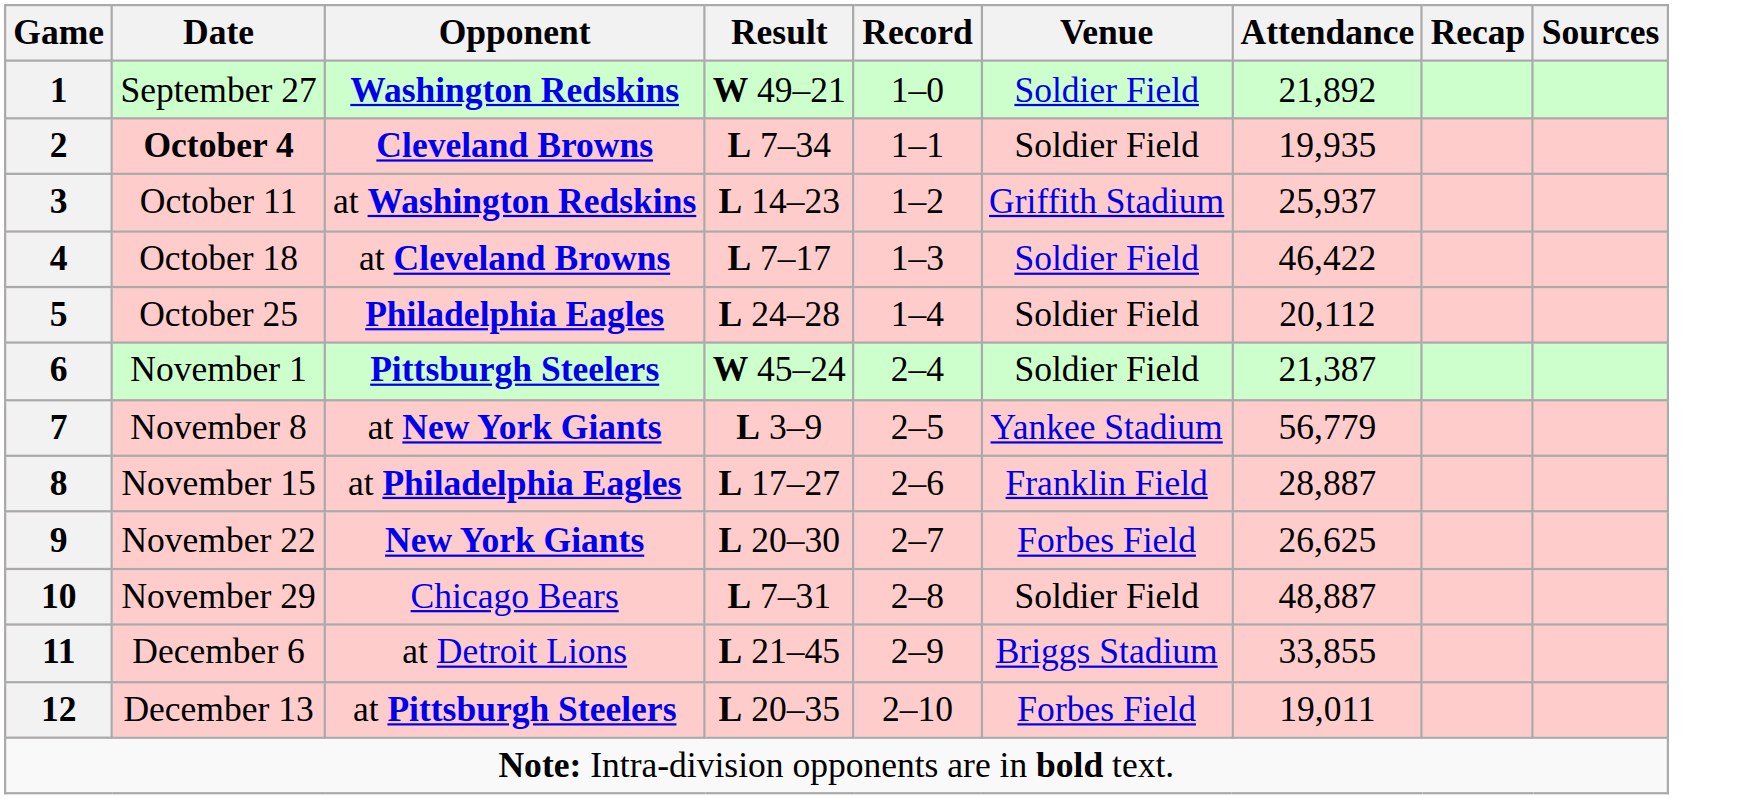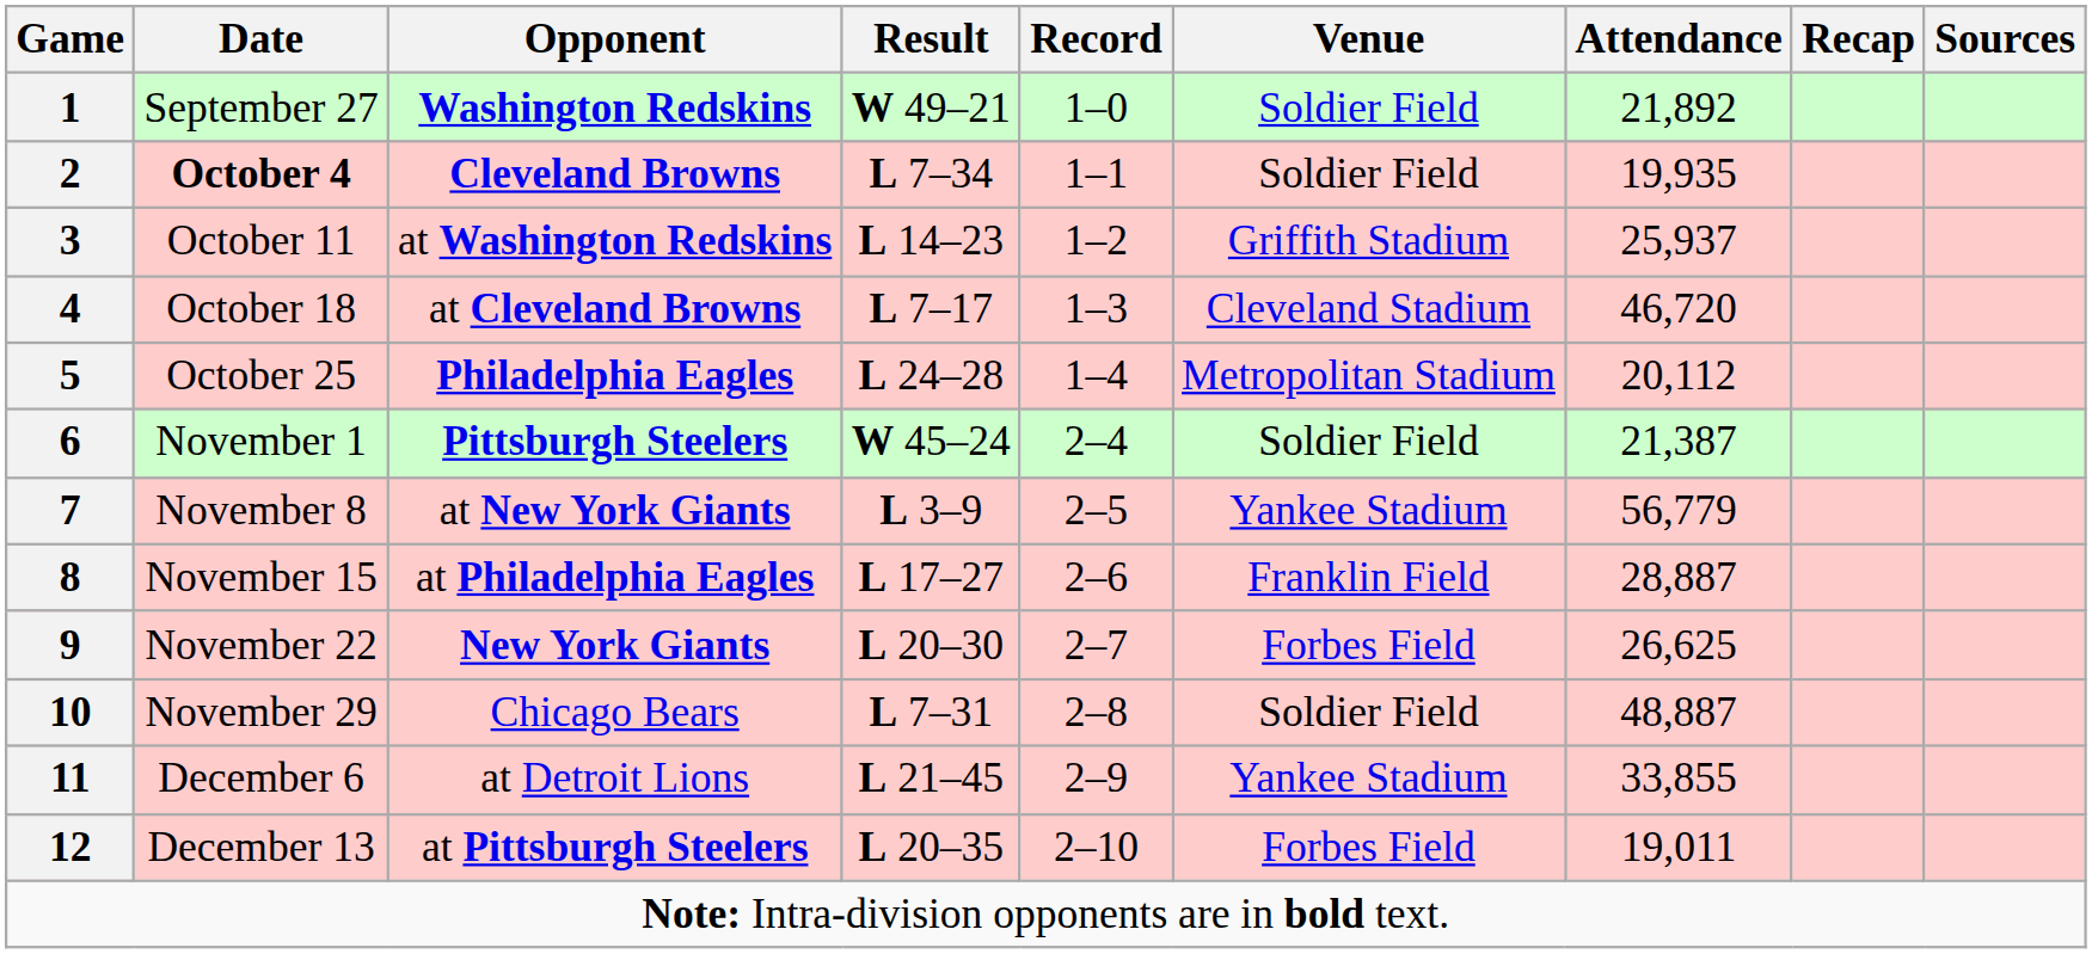 <table class="wikitable" style="text-align:center">
 <tr>
 <th>Game</th>
 <th>Date</th>
 <th>Opponent</th>
 <th>Result</th>
 <th>Record</th>
 <th>Venue</th>
 <th>Attendance</th>
 <th>Recap</th>
 <th>Sources</th>
 </tr>
 <tr style="background:#cfc">
 <th>1</th>
 <td>September 27</td>
 <td><strong><a href='#'>Washington Redskins</a></strong></td>
 <td><strong>W</strong> 49–21</td>
 <td>1–0</td>
 <td><a href='#'>Soldier Field</a></td>
 <td>21,892</td>
 <td></td>
 <td></td>
 </tr>
 <tr style="background:#fcc">
 <th>2</th>
 <td><strong>October 4</strong></td>
 <td><strong><a href='#'>Cleveland Browns</a></strong></td>
 <td><strong>L</strong> 7–34</td>
 <td>1–1</td>
 <td>Soldier Field</td>
 <td>19,935</td>
 <td></td>
 <td></td>
 </tr>
 <tr style="background:#fcc">
 <th>3</th>
 <td>October 11</td>
 <td>at <strong><a href='#'>Washington Redskins</a></strong></td>
 <td><strong>L</strong> 14–23</td>
 <td>1–2</td>
 <td><a href='#'>Griffith Stadium</a></td>
 <td>25,937</td>
 <td></td>
 <td></td>
 </tr>
 <tr style="background:#fcc">
 <th>4</th>
 <td>October 18</td>
 <td>at <strong><a href='#'>Cleveland Browns</a></strong></td>
 <td><strong>L</strong> 7–17</td>
 <td>1–3</td>
-<td><a href='#'>Soldier Field</a></td>
-<td>46,422</td>
+<td><a href='#'>Cleveland Stadium</a></td>
+<td>46,720</td>
 <td></td>
 <td></td>
 </tr>
 <tr style="background:#fcc">
 <th>5</th>
 <td>October 25</td>
 <td><strong><a href='#'>Philadelphia Eagles</a></strong></td>
 <td><strong>L</strong> 24–28</td>
 <td>1–4</td>
-<td>Soldier Field</td>
+<td><a href='#'>Metropolitan Stadium</a></td>
 <td>20,112</td>
 <td></td>
 <td></td>
 </tr>
 <tr style="background:#cfc">
 <th>6</th>
 <td>November 1</td>
 <td><strong><a href='#'>Pittsburgh Steelers</a></strong></td>
 <td><strong>W</strong> 45–24</td>
 <td>2–4</td>
 <td>Soldier Field</td>
 <td>21,387</td>
 <td></td>
 <td></td>
 </tr>
 <tr style="background:#fcc">
 <th>7</th>
 <td>November 8</td>
 <td>at <strong><a href='#'>New York Giants</a></strong></td>
 <td><strong>L</strong> 3–9</td>
 <td>2–5</td>
 <td><a href='#'>Yankee Stadium</a></td>
 <td>56,779</td>
 <td></td>
 <td></td>
 </tr>
 <tr style="background:#fcc">
 <th>8</th>
 <td>November 15</td>
 <td>at <strong><a href='#'>Philadelphia Eagles</a></strong></td>
 <td><strong>L</strong> 17–27</td>
 <td>2–6</td>
 <td><a href='#'>Franklin Field</a></td>
 <td>28,887</td>
 <td></td>
 <td></td>
 </tr>
 <tr style="background:#fcc">
 <th>9</th>
 <td>November 22</td>
 <td><strong><a href='#'>New York Giants</a></strong></td>
 <td><strong>L</strong> 20–30</td>
 <td>2–7</td>
 <td><a href='#'>Forbes Field</a></td>
 <td>26,625</td>
 <td></td>
 <td></td>
 </tr>
 <tr style="background:#fcc">
 <th>10</th>
 <td>November 29</td>
 <td><a href='#'>Chicago Bears</a></td>
 <td><strong>L</strong> 7–31</td>
 <td>2–8</td>
 <td>Soldier Field</td>
 <td>48,887</td>
 <td></td>
 <td></td>
 </tr>
 <tr style="background:#fcc">
 <th>11</th>
 <td>December 6</td>
 <td>at <a href='#'>Detroit Lions</a></td>
 <td><strong>L</strong> 21–45</td>
 <td>2–9</td>
-<td><a href='#'>Briggs Stadium</a></td>
+<td><a href='#'>Yankee Stadium</a></td>
 <td>33,855</td>
 <td></td>
 <td></td>
 </tr>
 <tr style="background:#fcc">
 <th>12</th>
 <td>December 13</td>
 <td>at <strong><a href='#'>Pittsburgh Steelers</a></strong></td>
 <td><strong>L</strong> 20–35</td>
 <td>2–10</td>
 <td><a href='#'>Forbes Field</a></td>
 <td>19,011</td>
 <td></td>
 <td></td>
 </tr>
 <tr>
 <td colspan="10"><strong>Note:</strong> Intra-division opponents are in <strong>bold</strong> text.</td>
 </tr>
 </table>
